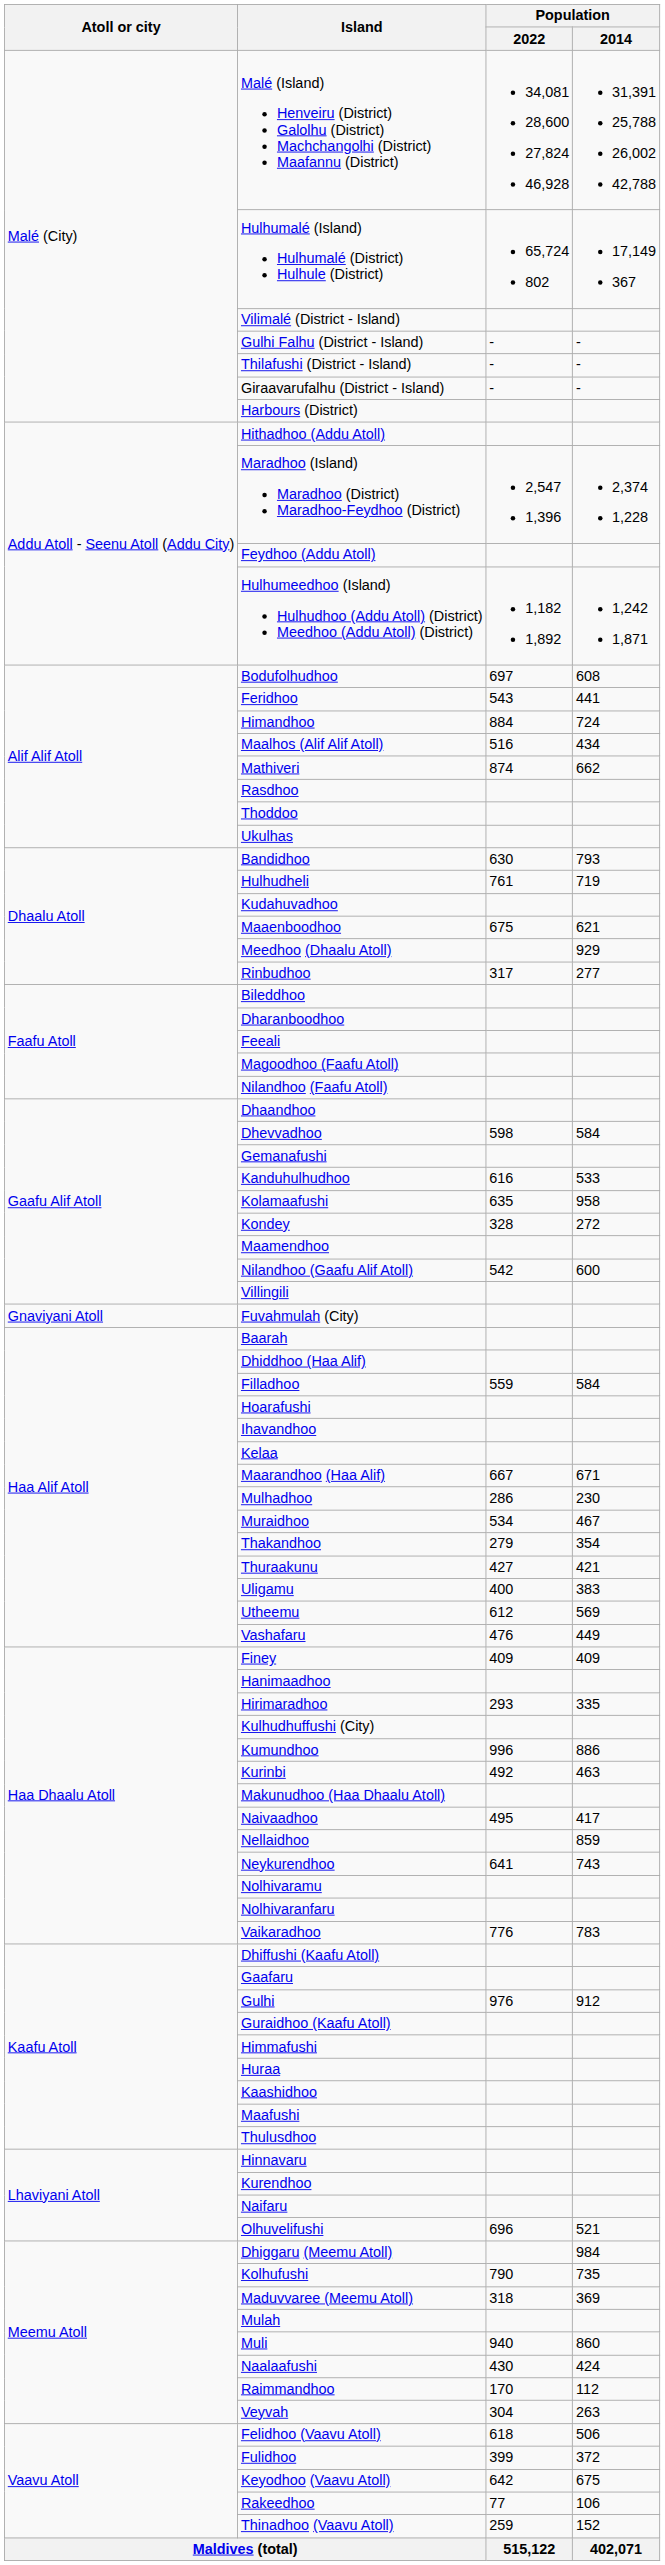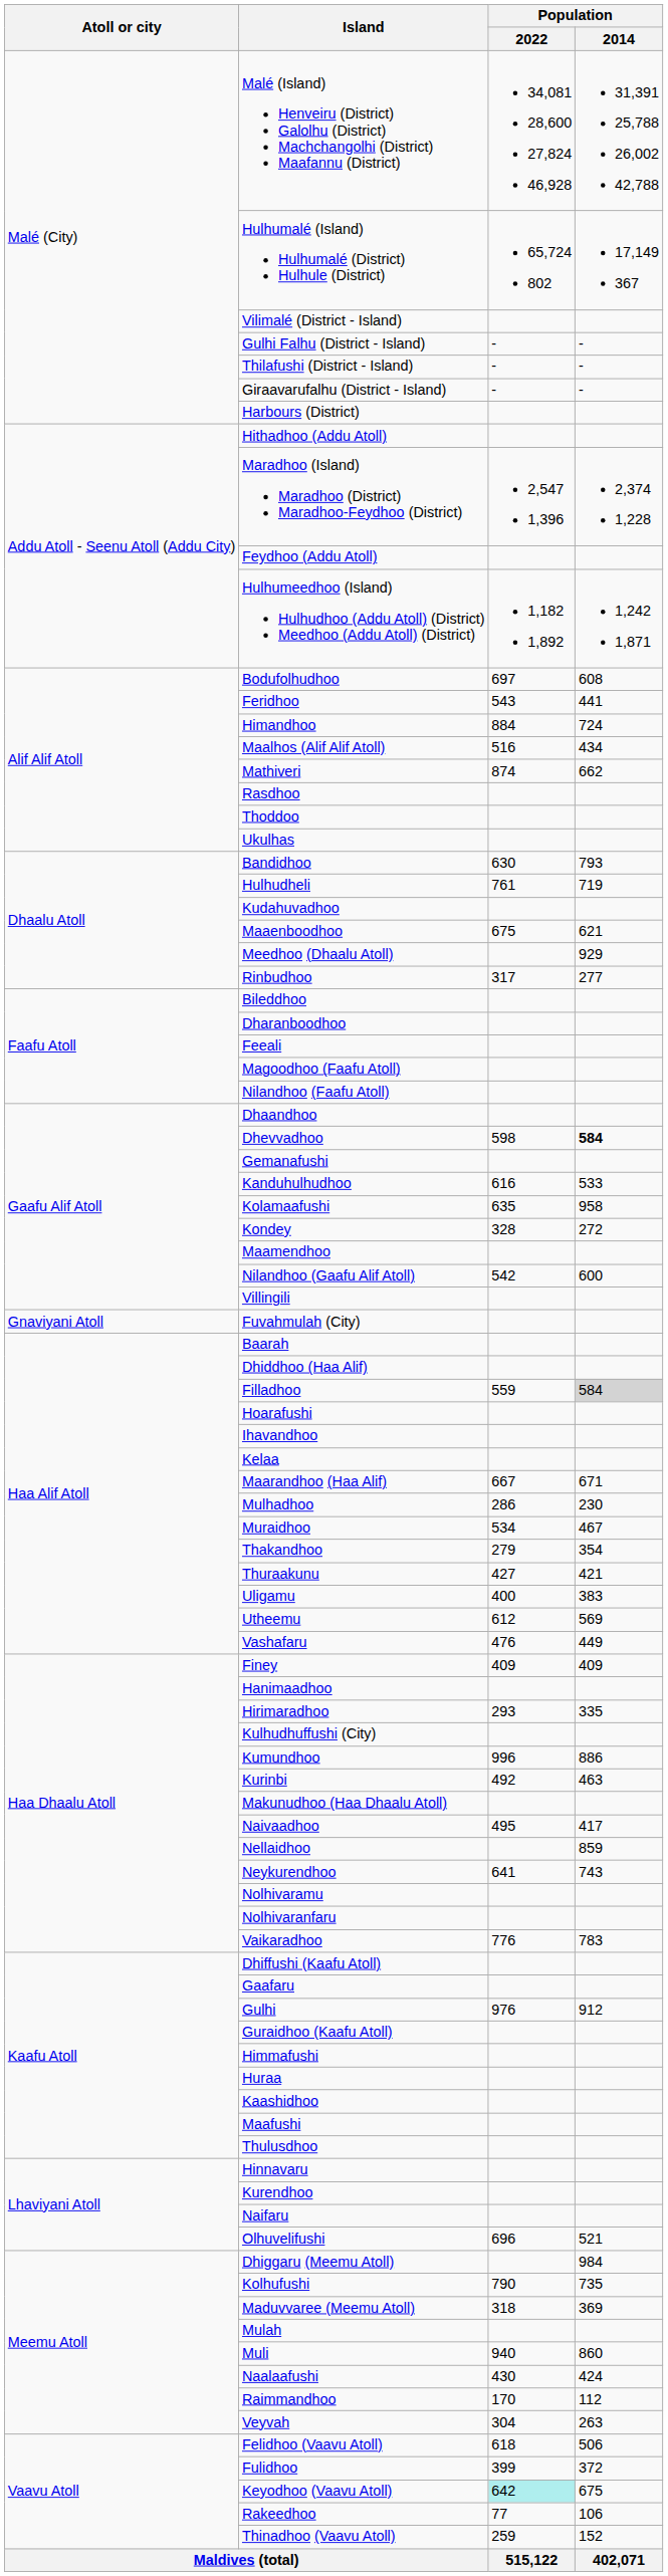 <table class="wikitable sortable">
 <tr>
 <th rowspan="2">Atoll or city</th>
 <th rowspan="2">Island</th>
 <th colspan="2">Population</th>
 </tr>
 <tr>
 <th>2022</th>
 <th>2014</th>
 </tr>
 <tr>
 <td rowspan="7"><a href='#'>Malé</a> (City)</td>
 <td><a href='#'>Malé</a> (Island)<br><ul><li><a href='#'>Henveiru</a> (District)</li><li><a href='#'>Galolhu</a> (District)</li><li><a href='#'>Machchangolhi</a> (District)</li><li><a href='#'>Maafannu</a> (District)</li></ul></td>
 <td><br><ul><li>34,081</li></ul><ul><li>28,600</li></ul><ul><li>27,824</li></ul><ul><li>46,928</li></ul></td>
 <td><br><ul><li>31,391</li></ul><ul><li>25,788</li></ul><ul><li>26,002</li></ul><ul><li>42,788</li></ul></td>
 </tr>
 <tr>
 <td><a href='#'>Hulhumalé</a> (Island)<br><ul><li><a href='#'>Hulhumalé</a> (District)</li><li><a href='#'>Hulhule</a> (District)</li></ul></td>
 <td><br><ul><li>65,724</li></ul><ul><li>802</li></ul></td>
 <td><br><ul><li>17,149</li></ul><ul><li>367</li></ul></td>
 </tr>
 <tr>
 <td><a href='#'>Vilimalé</a> (District - Island)</td>
 <td></td>
 <td></td>
 </tr>
 <tr>
 <td><a href='#'>Gulhi Falhu</a> (District - Island)</td>
 <td>-</td>
 <td>-</td>
 </tr>
 <tr>
 <td><a href='#'>Thilafushi</a> (District - Island)</td>
 <td>-</td>
 <td>-</td>
 </tr>
 <tr>
 <td>Giraavarufalhu (District - Island)</td>
 <td>-</td>
 <td>-</td>
 </tr>
 <tr>
 <td><a href='#'>Harbours</a> (District)</td>
 <td></td>
 <td></td>
 </tr>
 <tr>
 <td rowspan="4"><a href='#'>Addu Atoll</a> - <a href='#'>Seenu Atoll</a> (<a href='#'>Addu City</a>)</td>
 <td><a href='#'>Hithadhoo (Addu Atoll)</a></td>
 <td></td>
 <td></td>
 </tr>
 <tr>
 <td><a href='#'>Maradhoo</a> (Island)<br><ul><li><a href='#'>Maradhoo</a> (District)</li><li><a href='#'>Maradhoo-Feydhoo</a> (District)</li></ul></td>
 <td><br><ul><li>2,547</li></ul><ul><li>1,396</li></ul></td>
 <td><br><ul><li>2,374</li></ul><ul><li>1,228</li></ul></td>
 </tr>
 <tr>
 <td><a href='#'>Feydhoo (Addu Atoll)</a></td>
 <td></td>
 <td></td>
 </tr>
 <tr>
 <td><a href='#'>Hulhumeedhoo</a> (Island)<br><ul><li><a href='#'>Hulhudhoo (Addu Atoll)</a> (District)</li><li><a href='#'>Meedhoo (Addu Atoll)</a> (District)</li></ul></td>
 <td><br><ul><li>1,182</li></ul><ul><li>1,892</li></ul></td>
 <td><br><ul><li>1,242</li></ul><ul><li>1,871</li></ul></td>
 </tr>
 <tr>
 <td rowspan="8"><a href='#'>Alif Alif Atoll</a></td>
 <td><a href='#'>Bodufolhudhoo</a></td>
 <td>697</td>
 <td>608</td>
 </tr>
 <tr>
 <td><a href='#'>Feridhoo</a></td>
 <td>543</td>
 <td>441</td>
 </tr>
 <tr>
 <td><a href='#'>Himandhoo</a></td>
 <td>884</td>
 <td>724</td>
 </tr>
 <tr>
 <td><a href='#'>Maalhos (Alif Alif Atoll)</a></td>
 <td>516</td>
 <td>434</td>
 </tr>
 <tr>
 <td><a href='#'>Mathiveri</a></td>
 <td>874</td>
 <td>662</td>
 </tr>
 <tr>
 <td><a href='#'>Rasdhoo</a></td>
 <td></td>
 <td></td>
 </tr>
 <tr>
 <td><a href='#'>Thoddoo</a></td>
 <td></td>
 <td></td>
 </tr>
 <tr>
 <td><a href='#'>Ukulhas</a></td>
 <td></td>
 <td></td>
 </tr>
 <tr>
 <td rowspan="6"><a href='#'>Dhaalu Atoll</a></td>
 <td><a href='#'>Bandidhoo</a></td>
 <td>630</td>
 <td>793</td>
 </tr>
 <tr>
 <td><a href='#'>Hulhudheli</a></td>
 <td>761</td>
 <td>719</td>
 </tr>
 <tr>
 <td><a href='#'>Kudahuvadhoo</a></td>
 <td></td>
 <td></td>
 </tr>
 <tr>
 <td><a href='#'>Maaenboodhoo</a></td>
 <td>675</td>
 <td>621</td>
 </tr>
 <tr>
 <td><a href='#'>Meedhoo</a> <a href='#'>(Dhaalu Atoll)</a></td>
 <td></td>
 <td>929</td>
 </tr>
 <tr>
 <td><a href='#'>Rinbudhoo</a></td>
 <td>317</td>
 <td>277</td>
 </tr>
 <tr>
 <td rowspan="5"><a href='#'>Faafu Atoll</a></td>
 <td><a href='#'>Bileddhoo</a></td>
 <td></td>
 <td></td>
 </tr>
 <tr>
 <td><a href='#'>Dharanboodhoo</a></td>
 <td></td>
 <td></td>
 </tr>
 <tr>
 <td><a href='#'>Feeali</a></td>
 <td></td>
 <td></td>
 </tr>
 <tr>
 <td><a href='#'>Magoodhoo (Faafu Atoll)</a></td>
 <td></td>
 <td></td>
 </tr>
 <tr>
 <td><a href='#'>Nilandhoo</a> <a href='#'>(Faafu Atoll)</a></td>
 <td></td>
 <td></td>
 </tr>
 <tr>
 <td rowspan="9"><a href='#'>Gaafu Alif Atoll</a></td>
 <td><a href='#'>Dhaandhoo</a></td>
 <td></td>
 <td></td>
 </tr>
 <tr>
 <td><a href='#'>Dhevvadhoo</a></td>
 <td>598</td>
-<td>584</td>
+<td><strong>584</strong></td>
 </tr>
 <tr>
 <td><a href='#'>Gemanafushi</a></td>
 <td></td>
 <td></td>
 </tr>
 <tr>
 <td><a href='#'>Kanduhulhudhoo</a></td>
 <td>616</td>
 <td>533</td>
 </tr>
 <tr>
 <td><a href='#'>Kolamaafushi</a></td>
 <td>635</td>
 <td>958</td>
 </tr>
 <tr>
 <td><a href='#'>Kondey</a></td>
 <td>328</td>
 <td>272</td>
 </tr>
 <tr>
 <td><a href='#'>Maamendhoo</a></td>
 <td></td>
 <td></td>
 </tr>
 <tr>
 <td><a href='#'>Nilandhoo (Gaafu Alif Atoll)</a></td>
 <td>542</td>
 <td>600</td>
 </tr>
 <tr>
 <td><a href='#'>Villingili</a></td>
 <td></td>
 <td></td>
 </tr>
 <tr>
 <td><a href='#'>Gnaviyani Atoll</a></td>
 <td><a href='#'>Fuvahmulah</a> (City)</td>
 <td></td>
 <td></td>
 </tr>
 <tr>
 <td rowspan="14"><a href='#'>Haa Alif Atoll</a></td>
 <td><a href='#'>Baarah</a></td>
 <td></td>
 <td></td>
 </tr>
 <tr>
 <td><a href='#'>Dhiddhoo (Haa Alif)</a></td>
 <td></td>
 <td></td>
 </tr>
 <tr>
 <td><a href='#'>Filladhoo</a></td>
 <td>559</td>
-<td>584</td>
+<td style="background: lightgrey;">584</td>
 </tr>
 <tr>
 <td><a href='#'>Hoarafushi</a></td>
 <td></td>
 <td></td>
 </tr>
 <tr>
 <td><a href='#'>Ihavandhoo</a></td>
 <td></td>
 <td></td>
 </tr>
 <tr>
 <td><a href='#'>Kelaa</a></td>
 <td></td>
 <td></td>
 </tr>
 <tr>
 <td><a href='#'>Maarandhoo</a> <a href='#'>(Haa Alif)</a></td>
 <td>667</td>
 <td>671</td>
 </tr>
 <tr>
 <td><a href='#'>Mulhadhoo</a></td>
 <td>286</td>
 <td>230</td>
 </tr>
 <tr>
 <td><a href='#'>Muraidhoo</a></td>
 <td>534</td>
 <td>467</td>
 </tr>
 <tr>
 <td><a href='#'>Thakandhoo</a></td>
 <td>279</td>
 <td>354</td>
 </tr>
 <tr>
 <td><a href='#'>Thuraakunu</a></td>
 <td>427</td>
 <td>421</td>
 </tr>
 <tr>
 <td><a href='#'>Uligamu</a></td>
 <td>400</td>
 <td>383</td>
 </tr>
 <tr>
 <td><a href='#'>Utheemu</a></td>
 <td>612</td>
 <td>569</td>
 </tr>
 <tr>
 <td><a href='#'>Vashafaru</a></td>
 <td>476</td>
 <td>449</td>
 </tr>
 <tr>
 <td rowspan="13"><a href='#'>Haa Dhaalu Atoll</a></td>
 <td><a href='#'>Finey</a></td>
 <td>409</td>
 <td>409</td>
 </tr>
 <tr>
 <td><a href='#'>Hanimaadhoo</a></td>
 <td></td>
 <td></td>
 </tr>
 <tr>
 <td><a href='#'>Hirimaradhoo</a></td>
 <td>293</td>
 <td>335</td>
 </tr>
 <tr>
 <td><a href='#'>Kulhudhuffushi</a> (City)</td>
 <td></td>
 <td></td>
 </tr>
 <tr>
 <td><a href='#'>Kumundhoo</a></td>
 <td>996</td>
 <td>886</td>
 </tr>
 <tr>
 <td><a href='#'>Kurinbi</a></td>
 <td>492</td>
 <td>463</td>
 </tr>
 <tr>
 <td><a href='#'>Makunudhoo (Haa Dhaalu Atoll)</a></td>
 <td></td>
 <td></td>
 </tr>
 <tr>
 <td><a href='#'>Naivaadhoo</a></td>
 <td>495</td>
 <td>417</td>
 </tr>
 <tr>
 <td><a href='#'>Nellaidhoo</a></td>
 <td></td>
 <td>859</td>
 </tr>
 <tr>
 <td><a href='#'>Neykurendhoo</a></td>
 <td>641</td>
 <td>743</td>
 </tr>
 <tr>
 <td><a href='#'>Nolhivaramu</a></td>
 <td></td>
 <td></td>
 </tr>
 <tr>
 <td><a href='#'>Nolhivaranfaru</a></td>
 <td></td>
 <td></td>
 </tr>
 <tr>
 <td><a href='#'>Vaikaradhoo</a></td>
 <td>776</td>
 <td>783</td>
 </tr>
 <tr>
 <td rowspan="9"><a href='#'>Kaafu Atoll</a></td>
 <td><a href='#'>Dhiffushi (Kaafu Atoll)</a></td>
 <td></td>
 <td></td>
 </tr>
 <tr>
 <td><a href='#'>Gaafaru</a></td>
 <td></td>
 <td></td>
 </tr>
 <tr>
 <td><a href='#'>Gulhi</a></td>
 <td>976</td>
 <td>912</td>
 </tr>
 <tr>
 <td><a href='#'>Guraidhoo (Kaafu Atoll)</a></td>
 <td></td>
 <td></td>
 </tr>
 <tr>
 <td><a href='#'>Himmafushi</a></td>
 <td></td>
 <td></td>
 </tr>
 <tr>
 <td><a href='#'>Huraa</a></td>
 <td></td>
 <td></td>
 </tr>
 <tr>
 <td><a href='#'>Kaashidhoo</a></td>
 <td></td>
 <td></td>
 </tr>
 <tr>
 <td><a href='#'>Maafushi</a></td>
 <td></td>
 <td></td>
 </tr>
 <tr>
 <td><a href='#'>Thulusdhoo</a></td>
 <td></td>
 <td></td>
 </tr>
 <tr>
 <td rowspan="4"><a href='#'>Lhaviyani Atoll</a></td>
 <td><a href='#'>Hinnavaru</a></td>
 <td></td>
 <td></td>
 </tr>
 <tr>
 <td><a href='#'>Kurendhoo</a></td>
 <td></td>
 <td></td>
 </tr>
 <tr>
 <td><a href='#'>Naifaru</a></td>
 <td></td>
 <td></td>
 </tr>
 <tr>
 <td><a href='#'>Olhuvelifushi</a></td>
 <td>696</td>
 <td>521</td>
 </tr>
 <tr>
 <td rowspan="8"><a href='#'>Meemu Atoll</a></td>
 <td><a href='#'>Dhiggaru</a> <a href='#'>(Meemu Atoll)</a></td>
 <td></td>
 <td>984</td>
 </tr>
 <tr>
 <td><a href='#'>Kolhufushi</a></td>
 <td>790</td>
 <td>735</td>
 </tr>
 <tr>
 <td><a href='#'>Maduvvaree (Meemu Atoll)</a></td>
 <td>318</td>
 <td>369</td>
 </tr>
 <tr>
 <td><a href='#'>Mulah</a></td>
 <td></td>
 <td></td>
 </tr>
 <tr>
 <td><a href='#'>Muli</a></td>
 <td>940</td>
 <td>860</td>
 </tr>
 <tr>
 <td><a href='#'>Naalaafushi</a></td>
 <td>430</td>
 <td>424</td>
 </tr>
 <tr>
 <td><a href='#'>Raimmandhoo</a></td>
 <td>170</td>
 <td>112</td>
 </tr>
 <tr>
 <td><a href='#'>Veyvah</a></td>
 <td>304</td>
 <td>263</td>
 </tr>
 <tr>
 <td rowspan="5"><a href='#'>Vaavu Atoll</a></td>
 <td><a href='#'>Felidhoo (Vaavu Atoll)</a></td>
 <td>618</td>
 <td>506</td>
 </tr>
 <tr>
 <td><a href='#'>Fulidhoo</a></td>
 <td>399</td>
 <td>372</td>
 </tr>
 <tr>
 <td><a href='#'>Keyodhoo</a> <a href='#'>(Vaavu Atoll)</a></td>
-<td>642</td>
+<td style="background: paleturquoise;">642</td>
 <td>675</td>
 </tr>
 <tr>
 <td><a href='#'>Rakeedhoo</a></td>
 <td>77</td>
 <td>106</td>
 </tr>
 <tr>
 <td><a href='#'>Thinadhoo</a> <a href='#'>(Vaavu Atoll)</a></td>
 <td>259</td>
 <td>152</td>
 </tr>
 <tr>
 <th colspan=2><a href='#'>Maldives</a> (total)</th>
 <th>515,122</th>
 <th>402,071</th>
 </tr>
 </table>
